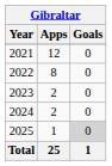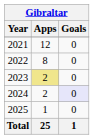 <table class="wikitable" style="text-align:center">
 <tr>
 <th colspan=3><a href='#'>Gibraltar</a></th>
 </tr>
 <tr>
 <th>Year</th>
 <th>Apps</th>
 <th>Goals</th>
 </tr>
 <tr>
 </tr>
 <tr>
 <td>2021</td>
 <td>12</td>
 <td>0</td>
 </tr>
 <tr>
 <td>2022</td>
 <td>8</td>
 <td>0</td>
 </tr>
 <tr>
 <td>2023</td>
-<td>2</td>
+<td style="background: khaki;">2</td>
 <td>0</td>
 </tr>
 <tr>
 <td>2024</td>
 <td>2</td>
-<td>0</td>
+<td style="background: lavender;">0</td>
 </tr>
 <tr>
 <td>2025</td>
 <td>1</td>
-<td style="background: lightgrey;">0</td>
+<td>0</td>
 </tr>
 <tr>
 <th>Total</th>
 <th>25</th>
 <th>1</th>
 </tr>
 </table>
